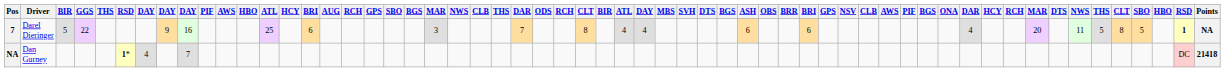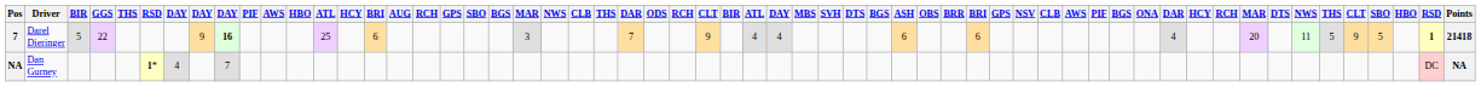 <table class="wikitable" style="font-size:75%; text-align:center;">
 <tr>
 <th valign="middle">Pos</th>
 <th valign="middle">Driver</th>
 <th><a href='#'>BIR</a></th>
 <th><a href='#'>GGS</a></th>
 <th><a href='#'>THS</a></th>
 <th><a href='#'>RSD</a></th>
 <th><a href='#'>DAY</a></th>
 <th><a href='#'>DAY</a></th>
 <th><a href='#'>DAY</a></th>
 <th><a href='#'>PIF</a></th>
 <th><a href='#'>AWS</a></th>
 <th><a href='#'>HBO</a></th>
 <th><a href='#'>ATL</a></th>
 <th><a href='#'>HCY</a></th>
 <th><a href='#'>BRI</a></th>
 <th><a href='#'>AUG</a></th>
 <th><a href='#'>RCH</a></th>
 <th><a href='#'>GPS</a></th>
 <th><a href='#'>SBO</a></th>
 <th><a href='#'>BGS</a></th>
 <th><a href='#'>MAR</a></th>
 <th><a href='#'>NWS</a></th>
 <th><a href='#'>CLB</a></th>
 <th><a href='#'>THS</a></th>
 <th><a href='#'>DAR</a></th>
 <th><a href='#'>ODS</a></th>
 <th><a href='#'>RCH</a></th>
 <th><a href='#'>CLT</a></th>
 <th><a href='#'>BIR</a></th>
 <th><a href='#'>ATL</a></th>
 <th><a href='#'>DAY</a></th>
 <th><a href='#'>MBS</a></th>
 <th><a href='#'>SVH</a></th>
 <th><a href='#'>DTS</a></th>
 <th><a href='#'>BGS</a></th>
 <th><a href='#'>ASH</a></th>
 <th><a href='#'>OBS</a></th>
 <th><a href='#'>BRR</a></th>
 <th><a href='#'>BRI</a></th>
 <th><a href='#'>GPS</a></th>
 <th><a href='#'>NSV</a></th>
 <th><a href='#'>CLB</a></th>
 <th><a href='#'>AWS</a></th>
 <th><a href='#'>PIF</a></th>
 <th><a href='#'>BGS</a></th>
 <th><a href='#'>ONA</a></th>
 <th><a href='#'>DAR</a></th>
 <th><a href='#'>HCY</a></th>
 <th><a href='#'>RCH</a></th>
 <th><a href='#'>MAR</a></th>
 <th><a href='#'>DTS</a></th>
 <th><a href='#'>NWS</a></th>
 <th><a href='#'>THS</a></th>
 <th><a href='#'>CLT</a></th>
 <th><a href='#'>SBO</a></th>
 <th><a href='#'>HBO</a></th>
 <th><a href='#'>RSD</a></th>
 <th>Points</th>
 </tr>
 <tr>
 <th>7</th>
 <td align="left"><a href='#'>Darel Dieringer</a></td>
 <td style="background:#DFDFDF;">5</td>
 <td style="background:#EFCFFF;">22</td>
 <td></td>
 <td></td>
 <td></td>
 <td style="background:#FFDF9F;">9</td>
-<td style="background:#DFFFDF;">16</td>
+<td style="background:#DFFFDF;"><strong>16</strong></td>
 <td></td>
 <td></td>
 <td></td>
 <td style="background:#EFCFFF;">25</td>
 <td></td>
 <td style="background:#FFDF9F;">6</td>
 <td></td>
 <td></td>
 <td></td>
 <td></td>
 <td></td>
 <td style="background:#DFDFDF;">3</td>
 <td></td>
 <td></td>
 <td></td>
 <td style="background:#FFDF9F;">7</td>
 <td></td>
 <td></td>
-<td style="background:#FFDF9F;">8</td>
+<td style="background:#FFDF9F;">9</td>
 <td></td>
 <td style="background:#DFDFDF;">4</td>
 <td style="background:#DFDFDF;">4</td>
 <td></td>
 <td></td>
 <td></td>
 <td></td>
 <td style="background:#FFDF9F;">6</td>
 <td></td>
 <td></td>
 <td style="background:#FFDF9F;">6</td>
 <td></td>
 <td></td>
 <td></td>
 <td></td>
 <td></td>
 <td></td>
 <td></td>
 <td style="background:#DFDFDF;">4</td>
 <td></td>
 <td></td>
 <td style="background:#EFCFFF;">20</td>
 <td></td>
 <td style="background:#DFFFDF;">11</td>
 <td style="background:#DFDFDF;">5</td>
-<td style="background:#FFDF9F;">8</td>
+<td style="background:#FFDF9F;">9</td>
 <td style="background:#FFDF9F;">5</td>
 <td></td>
 <td style="background:#FFFFBF;"><strong>1</strong></td>
-<th>NA</th>
+<th>21418</th>
 </tr>
 <tr>
 <th>NA</th>
 <td align="left"><a href='#'>Dan Gurney</a></td>
 <td></td>
 <td></td>
 <td></td>
 <td style="background:#FFFFBF;"><strong>1</strong>*</td>
 <td style="background:#DFDFDF;">4</td>
 <td></td>
 <td style="background:#DFDFDF;">7</td>
 <td></td>
 <td></td>
 <td></td>
 <td></td>
 <td></td>
 <td></td>
 <td></td>
 <td></td>
 <td></td>
 <td></td>
 <td></td>
 <td></td>
 <td></td>
 <td></td>
 <td></td>
 <td></td>
 <td></td>
 <td></td>
 <td></td>
 <td></td>
 <td></td>
 <td></td>
 <td></td>
 <td></td>
 <td></td>
 <td></td>
 <td></td>
 <td></td>
 <td></td>
 <td></td>
 <td></td>
 <td></td>
 <td></td>
 <td></td>
 <td></td>
 <td></td>
 <td></td>
 <td></td>
 <td></td>
 <td></td>
 <td></td>
 <td></td>
 <td></td>
 <td></td>
 <td></td>
 <td></td>
 <td></td>
 <td style="background:#FFCFCF;">DC</td>
-<th>21418</th>
+<th>NA</th>
 </tr>
 </table>
